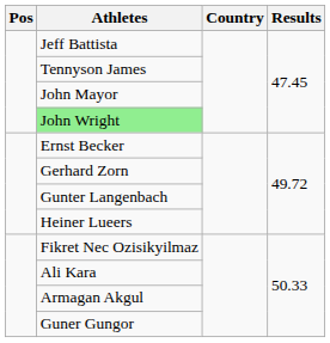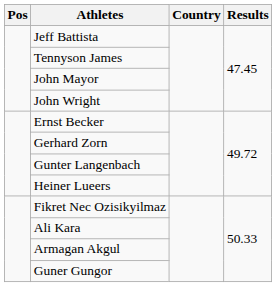 <table class="wikitable">
 <tr>
 <th>Pos</th>
 <th>Athletes</th>
 <th>Country</th>
 <th>Results</th>
 </tr>
 <tr>
 <td rowspan="4"></td>
 <td>Jeff Battista</td>
 <td rowspan="4"></td>
 <td rowspan="4">47.45</td>
 </tr>
 <tr>
 <td>Tennyson James</td>
 </tr>
 <tr>
 <td>John Mayor</td>
 </tr>
 <tr>
-<td style="background: lightgreen;">John Wright</td>
+<td>John Wright</td>
 </tr>
 <tr>
 <td rowspan="4"></td>
 <td>Ernst Becker</td>
 <td rowspan="4"></td>
 <td rowspan="4">49.72</td>
 </tr>
 <tr>
 <td>Gerhard Zorn</td>
 </tr>
 <tr>
 <td>Gunter Langenbach</td>
 </tr>
 <tr>
 <td>Heiner Lueers</td>
 </tr>
 <tr>
 <td rowspan="4"></td>
 <td>Fikret Nec Ozisikyilmaz</td>
 <td rowspan="4"></td>
 <td rowspan="4">50.33</td>
 </tr>
 <tr>
 <td>Ali Kara</td>
 </tr>
 <tr>
 <td>Armagan Akgul</td>
 </tr>
 <tr>
 <td>Guner Gungor</td>
 </tr>
 </table>
